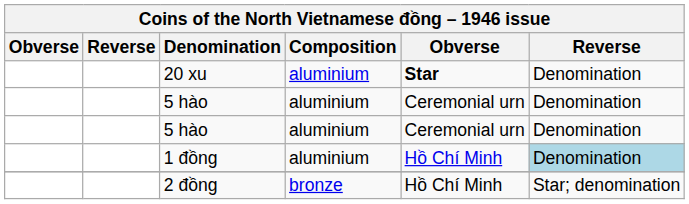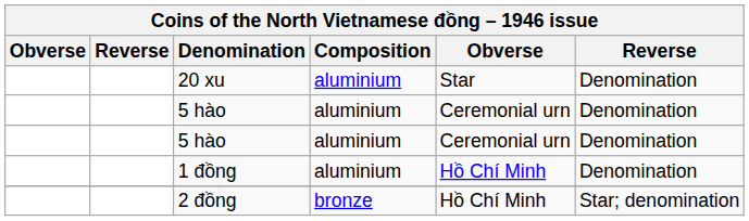 <table class="wikitable" style="font-size: 90%">
 <tr>
 <th colspan="14">Coins of the North Vietnamese đồng – 1946 issue</th>
 </tr>
 <tr>
 <th>Obverse</th>
 <th>Reverse</th>
 <th>Denomination</th>
 <th>Composition</th>
 <th>Obverse</th>
 <th>Reverse</th>
 </tr>
 <tr>
 <td style="text-align:center; background:#fff;"></td>
 <td style="text-align:center; background:#fff;"></td>
 <td>20 xu</td>
 <td><a href='#'>aluminium</a></td>
-<td><strong>Star</strong></td>
+<td>Star</td>
 <td>Denomination</td>
 </tr>
 <tr>
 <td style="text-align:center; background:#fff;"></td>
 <td style="text-align:center; background:#fff;"></td>
 <td>5 hào</td>
 <td>aluminium</td>
 <td>Ceremonial urn</td>
 <td>Denomination</td>
 </tr>
 <tr>
 <td style="text-align:center; background:#fff;"></td>
 <td style="text-align:center; background:#fff;"></td>
 <td>5 hào</td>
 <td>aluminium</td>
 <td>Ceremonial urn</td>
 <td>Denomination</td>
 </tr>
 <tr>
 <td style="text-align:center; background:#fff;"></td>
 <td style="text-align:center; background:#fff;"></td>
 <td>1 đồng</td>
 <td>aluminium</td>
 <td><a href='#'>Hồ Chí Minh</a></td>
-<td style="background: lightblue;">Denomination</td>
+<td>Denomination</td>
 </tr>
 <tr>
 </tr>
 <tr>
 <td style="text-align:center; background:#fff;"></td>
 <td style="text-align:center; background:#fff;"></td>
 <td>2 đồng</td>
 <td><a href='#'>bronze</a></td>
 <td>Hồ Chí Minh</td>
 <td>Star; denomination</td>
 </tr>
 </table>
